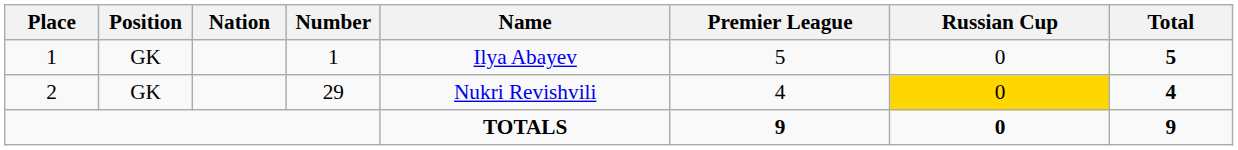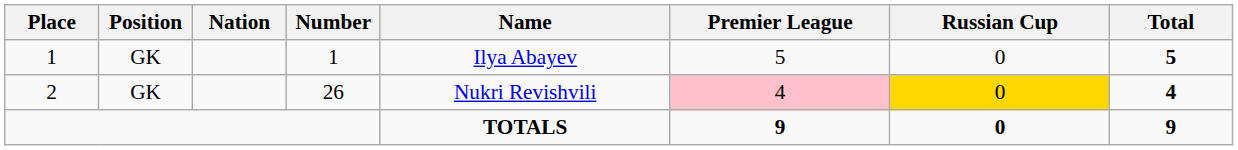 <table class="wikitable" style="font-size: 95%; text-align: center;">
 <tr>
 <th width=60>Place</th>
 <th width=60>Position</th>
 <th width=60>Nation</th>
 <th width=60>Number</th>
 <th width=200>Name</th>
 <th width=150>Premier League</th>
 <th width=150>Russian Cup</th>
 <th width=80><strong>Total</strong></th>
 </tr>
 <tr>
 <td>1</td>
 <td>GK</td>
 <td></td>
 <td>1</td>
 <td><a href='#'>Ilya Abayev</a></td>
 <td>5</td>
 <td>0</td>
 <td><strong>5</strong></td>
 </tr>
 <tr>
 <td>2</td>
 <td>GK</td>
 <td></td>
-<td>29</td>
+<td>26</td>
 <td><a href='#'>Nukri Revishvili</a></td>
-<td>4</td>
+<td style="background: pink;">4</td>
 <td style="background: gold;">0</td>
 <td><strong>4</strong></td>
 </tr>
 <tr>
 <td colspan="4"></td>
 <td><strong>TOTALS</strong></td>
 <td><strong>9</strong></td>
 <td><strong>0</strong></td>
 <td><strong>9</strong></td>
 </tr>
 </table>
